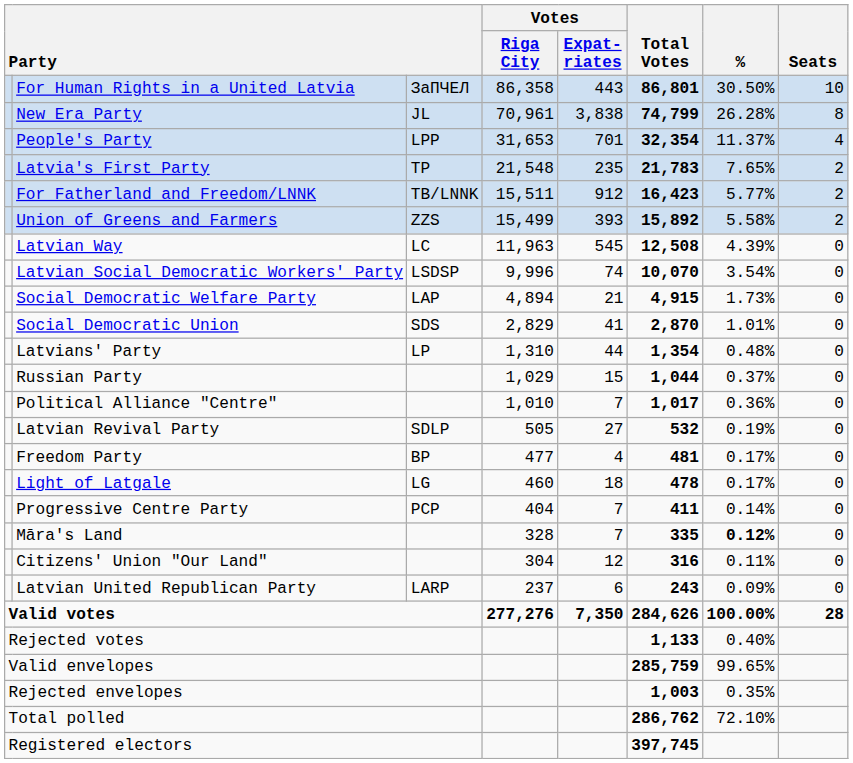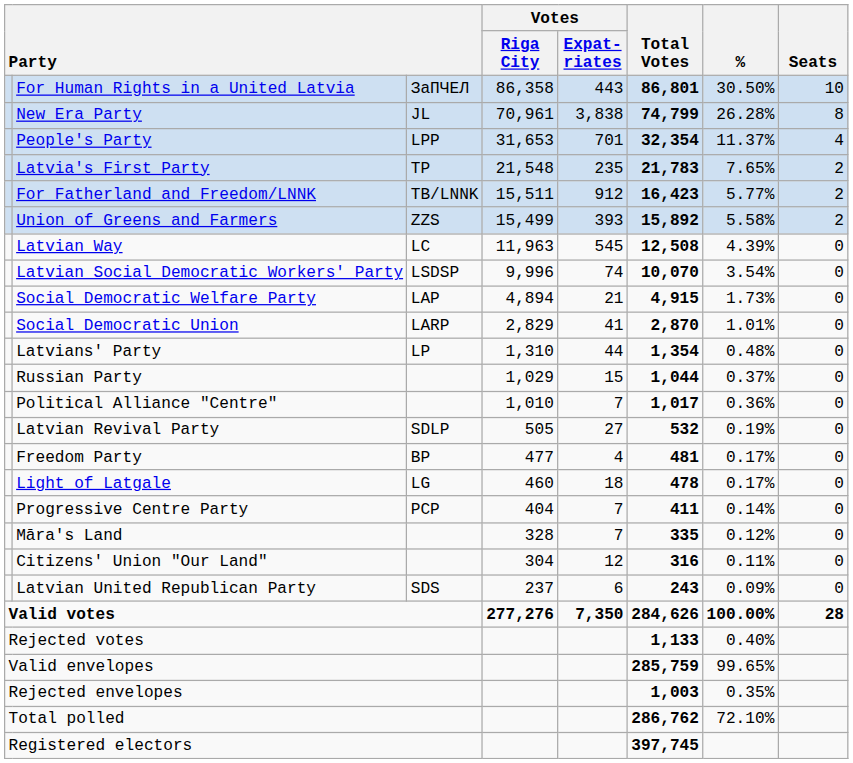 <table class="wikitable" border="1" style="text-align:right;">
 <tr>
 <th style="text-align:left;" valign=bottom rowspan=2 colspan=3>Party</th>
 <th colspan=2>Votes</th>
 <th align=center valign=bottom rowspan=2 width="50">Total Votes</th>
 <th align=center valign=bottom rowspan=2 width="50">%</th>
 <th align=center valign=bottom rowspan=2 width="50">Seats</th>
 </tr>
 <tr>
 <th align=center valign=bottom width="50"><a href='#'>Riga City</a></th>
 <th align=center valign=bottom width="50"><a href='#'>Expat- riates</a></th>
 </tr>
 <tr style="background:#CEE0F2;">
 <td></td>
 <td align=left><a href='#'>For Human Rights in a United Latvia</a></td>
 <td align=left>ЗаПЧЕЛ</td>
 <td>86,358</td>
 <td>443</td>
 <td><strong>86,801</strong></td>
 <td>30.50%</td>
 <td>10</td>
 </tr>
 <tr style="background:#CEE0F2;">
 <td></td>
 <td align=left><a href='#'>New Era Party</a></td>
 <td align=left>JL</td>
 <td>70,961</td>
 <td>3,838</td>
 <td><strong>74,799</strong></td>
 <td>26.28%</td>
 <td>8</td>
 </tr>
 <tr style="background:#CEE0F2;">
 <td></td>
 <td align=left><a href='#'>People's Party</a></td>
 <td align=left>LPP</td>
 <td>31,653</td>
 <td>701</td>
 <td><strong>32,354</strong></td>
 <td>11.37%</td>
 <td>4</td>
 </tr>
 <tr style="background:#CEE0F2;">
 <td></td>
 <td align=left><a href='#'>Latvia's First Party</a></td>
 <td align=left>TP</td>
 <td>21,548</td>
 <td>235</td>
 <td><strong>21,783</strong></td>
 <td>7.65%</td>
 <td>2</td>
 </tr>
 <tr style="background:#CEE0F2;">
 <td></td>
 <td align=left><a href='#'>For Fatherland and Freedom/LNNK</a></td>
 <td align=left>TB/LNNK</td>
 <td>15,511</td>
 <td>912</td>
 <td><strong>16,423</strong></td>
 <td>5.77%</td>
 <td>2</td>
 </tr>
 <tr style="background:#CEE0F2;">
 <td></td>
 <td align=left><a href='#'>Union of Greens and Farmers</a></td>
 <td align=left>ZZS</td>
 <td>15,499</td>
 <td>393</td>
 <td><strong>15,892</strong></td>
 <td>5.58%</td>
 <td>2</td>
 </tr>
 <tr>
 <td></td>
 <td align=left><a href='#'>Latvian Way</a></td>
 <td align=left>LC</td>
 <td>11,963</td>
 <td>545</td>
 <td><strong>12,508</strong></td>
 <td>4.39%</td>
 <td>0</td>
 </tr>
 <tr>
 <td></td>
 <td align=left style="white-space: nowrap;"><a href='#'>Latvian Social Democratic Workers' Party</a></td>
 <td align=left>LSDSP</td>
 <td>9,996</td>
 <td>74</td>
 <td><strong>10,070</strong></td>
 <td>3.54%</td>
 <td>0</td>
 </tr>
 <tr>
 <td></td>
 <td align=left><a href='#'>Social Democratic Welfare Party</a></td>
 <td align=left>LAP</td>
 <td>4,894</td>
 <td>21</td>
 <td><strong>4,915</strong></td>
 <td>1.73%</td>
 <td>0</td>
 </tr>
 <tr>
 <td></td>
 <td align=left><a href='#'>Social Democratic Union</a></td>
-<td align=left>SDS</td>
+<td align=left>LARP</td>
 <td>2,829</td>
 <td>41</td>
 <td><strong>2,870</strong></td>
 <td>1.01%</td>
 <td>0</td>
 </tr>
 <tr>
 <td></td>
 <td align=left>Latvians' Party</td>
 <td align=left>LP</td>
 <td>1,310</td>
 <td>44</td>
 <td><strong>1,354</strong></td>
 <td>0.48%</td>
 <td>0</td>
 </tr>
 <tr>
 <td></td>
 <td align=left>Russian Party</td>
 <td align=left></td>
 <td>1,029</td>
 <td>15</td>
 <td><strong>1,044</strong></td>
 <td>0.37%</td>
 <td>0</td>
 </tr>
 <tr>
 <td></td>
 <td align=left>Political Alliance "Centre"</td>
 <td align=left></td>
 <td>1,010</td>
 <td>7</td>
 <td><strong>1,017</strong></td>
 <td>0.36%</td>
 <td>0</td>
 </tr>
 <tr>
 <td></td>
 <td align=left>Latvian Revival Party</td>
 <td align=left>SDLP</td>
 <td>505</td>
 <td>27</td>
 <td><strong>532</strong></td>
 <td>0.19%</td>
 <td>0</td>
 </tr>
 <tr>
 <td></td>
 <td align=left>Freedom Party</td>
 <td align=left>BP</td>
 <td>477</td>
 <td>4</td>
 <td><strong>481</strong></td>
 <td>0.17%</td>
 <td>0</td>
 </tr>
 <tr>
 <td></td>
 <td align=left><a href='#'>Light of Latgale</a></td>
 <td align=left>LG</td>
 <td>460</td>
 <td>18</td>
 <td><strong>478</strong></td>
 <td>0.17%</td>
 <td>0</td>
 </tr>
 <tr>
 <td></td>
 <td align=left>Progressive Centre Party</td>
 <td align=left>PCP</td>
 <td>404</td>
 <td>7</td>
 <td><strong>411</strong></td>
 <td>0.14%</td>
 <td>0</td>
 </tr>
 <tr>
 <td></td>
 <td align=left>Māra's Land</td>
 <td align=left></td>
 <td>328</td>
 <td>7</td>
 <td><strong>335</strong></td>
-<td><strong>0.12%</strong></td>
+<td>0.12%</td>
 <td>0</td>
 </tr>
 <tr>
 <td></td>
 <td align=left>Citizens' Union "Our Land"</td>
 <td align=left></td>
 <td>304</td>
 <td>12</td>
 <td><strong>316</strong></td>
 <td>0.11%</td>
 <td>0</td>
 </tr>
 <tr>
 <td></td>
 <td align=left>Latvian United Republican Party</td>
-<td align=left>LARP</td>
+<td align=left>SDS</td>
 <td>237</td>
 <td>6</td>
 <td><strong>243</strong></td>
 <td>0.09%</td>
 <td>0</td>
 </tr>
 <tr style="font-weight:bold">
 <td align=left colspan=3>Valid votes</td>
 <td>277,276</td>
 <td>7,350</td>
 <td>284,626</td>
 <td>100.00%</td>
 <td>28</td>
 </tr>
 <tr>
 <td align=left colspan=3>Rejected votes</td>
 <td></td>
 <td></td>
 <td><strong>1,133</strong></td>
 <td>0.40%</td>
 <td></td>
 </tr>
 <tr>
 <td align=left colspan=3>Valid envelopes</td>
 <td></td>
 <td></td>
 <td><strong>285,759</strong></td>
 <td>99.65%</td>
 <td></td>
 </tr>
 <tr>
 <td align=left colspan=3>Rejected envelopes</td>
 <td></td>
 <td></td>
 <td><strong>1,003</strong></td>
 <td>0.35%</td>
 <td></td>
 </tr>
 <tr>
 <td align=left colspan=3>Total polled</td>
 <td></td>
 <td></td>
 <td><strong>286,762</strong></td>
 <td>72.10%</td>
 <td></td>
 </tr>
 <tr>
 <td align=left colspan=3>Registered electors</td>
 <td></td>
 <td></td>
 <td><strong>397,745</strong></td>
 <td></td>
 <td></td>
 </tr>
 </table>
